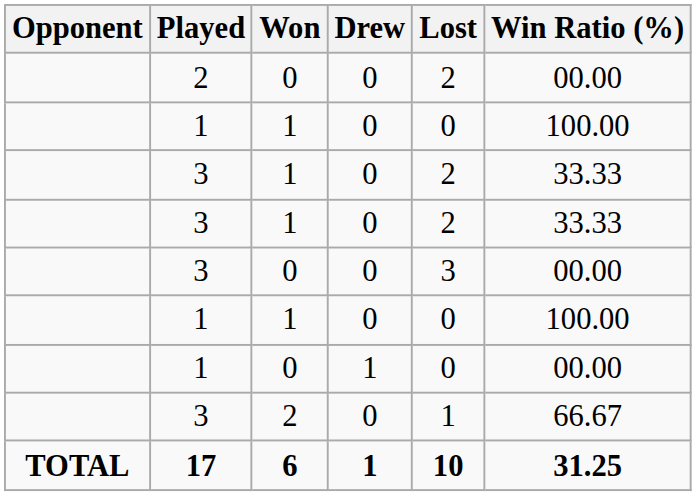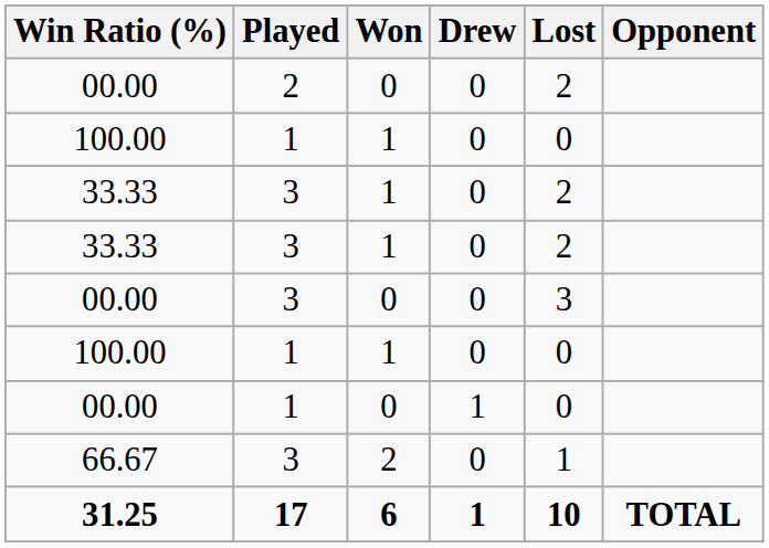 <table class="wikitable">
 <tr>
-<th>Opponent</th>
+<th>Win Ratio (%)</th>
 <th>Played</th>
 <th>Won</th>
 <th>Drew</th>
 <th>Lost</th>
-<th>Win Ratio (%)</th>
+<th>Opponent</th>
 </tr>
 <tr align=center>
-<td align=left></td>
+<td>00.00</td>
 <td>2</td>
 <td>0</td>
 <td>0</td>
 <td>2</td>
-<td>00.00</td>
+<td align=left></td>
 </tr>
 <tr align=center>
-<td align=left></td>
+<td>100.00</td>
 <td>1</td>
 <td>1</td>
 <td>0</td>
 <td>0</td>
-<td>100.00</td>
+<td align=left></td>
 </tr>
 <tr align=center>
-<td align=left></td>
+<td>33.33</td>
 <td>3</td>
 <td>1</td>
 <td>0</td>
 <td>2</td>
-<td>33.33</td>
+<td align=left></td>
 </tr>
 <tr align=center>
-<td align=left></td>
+<td>33.33</td>
 <td>3</td>
 <td>1</td>
 <td>0</td>
 <td>2</td>
-<td>33.33</td>
+<td align=left></td>
 </tr>
 <tr align=center>
-<td align=left></td>
+<td>00.00</td>
 <td>3</td>
 <td>0</td>
 <td>0</td>
 <td>3</td>
-<td>00.00</td>
+<td align=left></td>
 </tr>
 <tr align=center>
-<td align=left></td>
+<td>100.00</td>
 <td>1</td>
 <td>1</td>
 <td>0</td>
 <td>0</td>
-<td>100.00</td>
+<td align=left></td>
 </tr>
 <tr align=center>
-<td align=left></td>
+<td>00.00</td>
 <td>1</td>
 <td>0</td>
 <td>1</td>
 <td>0</td>
-<td>00.00</td>
+<td align=left></td>
 </tr>
 <tr align=center>
-<td align=left></td>
+<td>66.67</td>
 <td>3</td>
 <td>2</td>
 <td>0</td>
 <td>1</td>
-<td>66.67</td>
+<td align=left></td>
 </tr>
 <tr align=center>
-<td><strong>TOTAL</strong></td>
+<td><strong>31.25</strong></td>
 <td><strong>17</strong></td>
 <td><strong>6</strong></td>
 <td><strong>1</strong></td>
 <td><strong>10</strong></td>
-<td><strong>31.25</strong></td>
+<td><strong>TOTAL</strong></td>
 </tr>
 </table>
